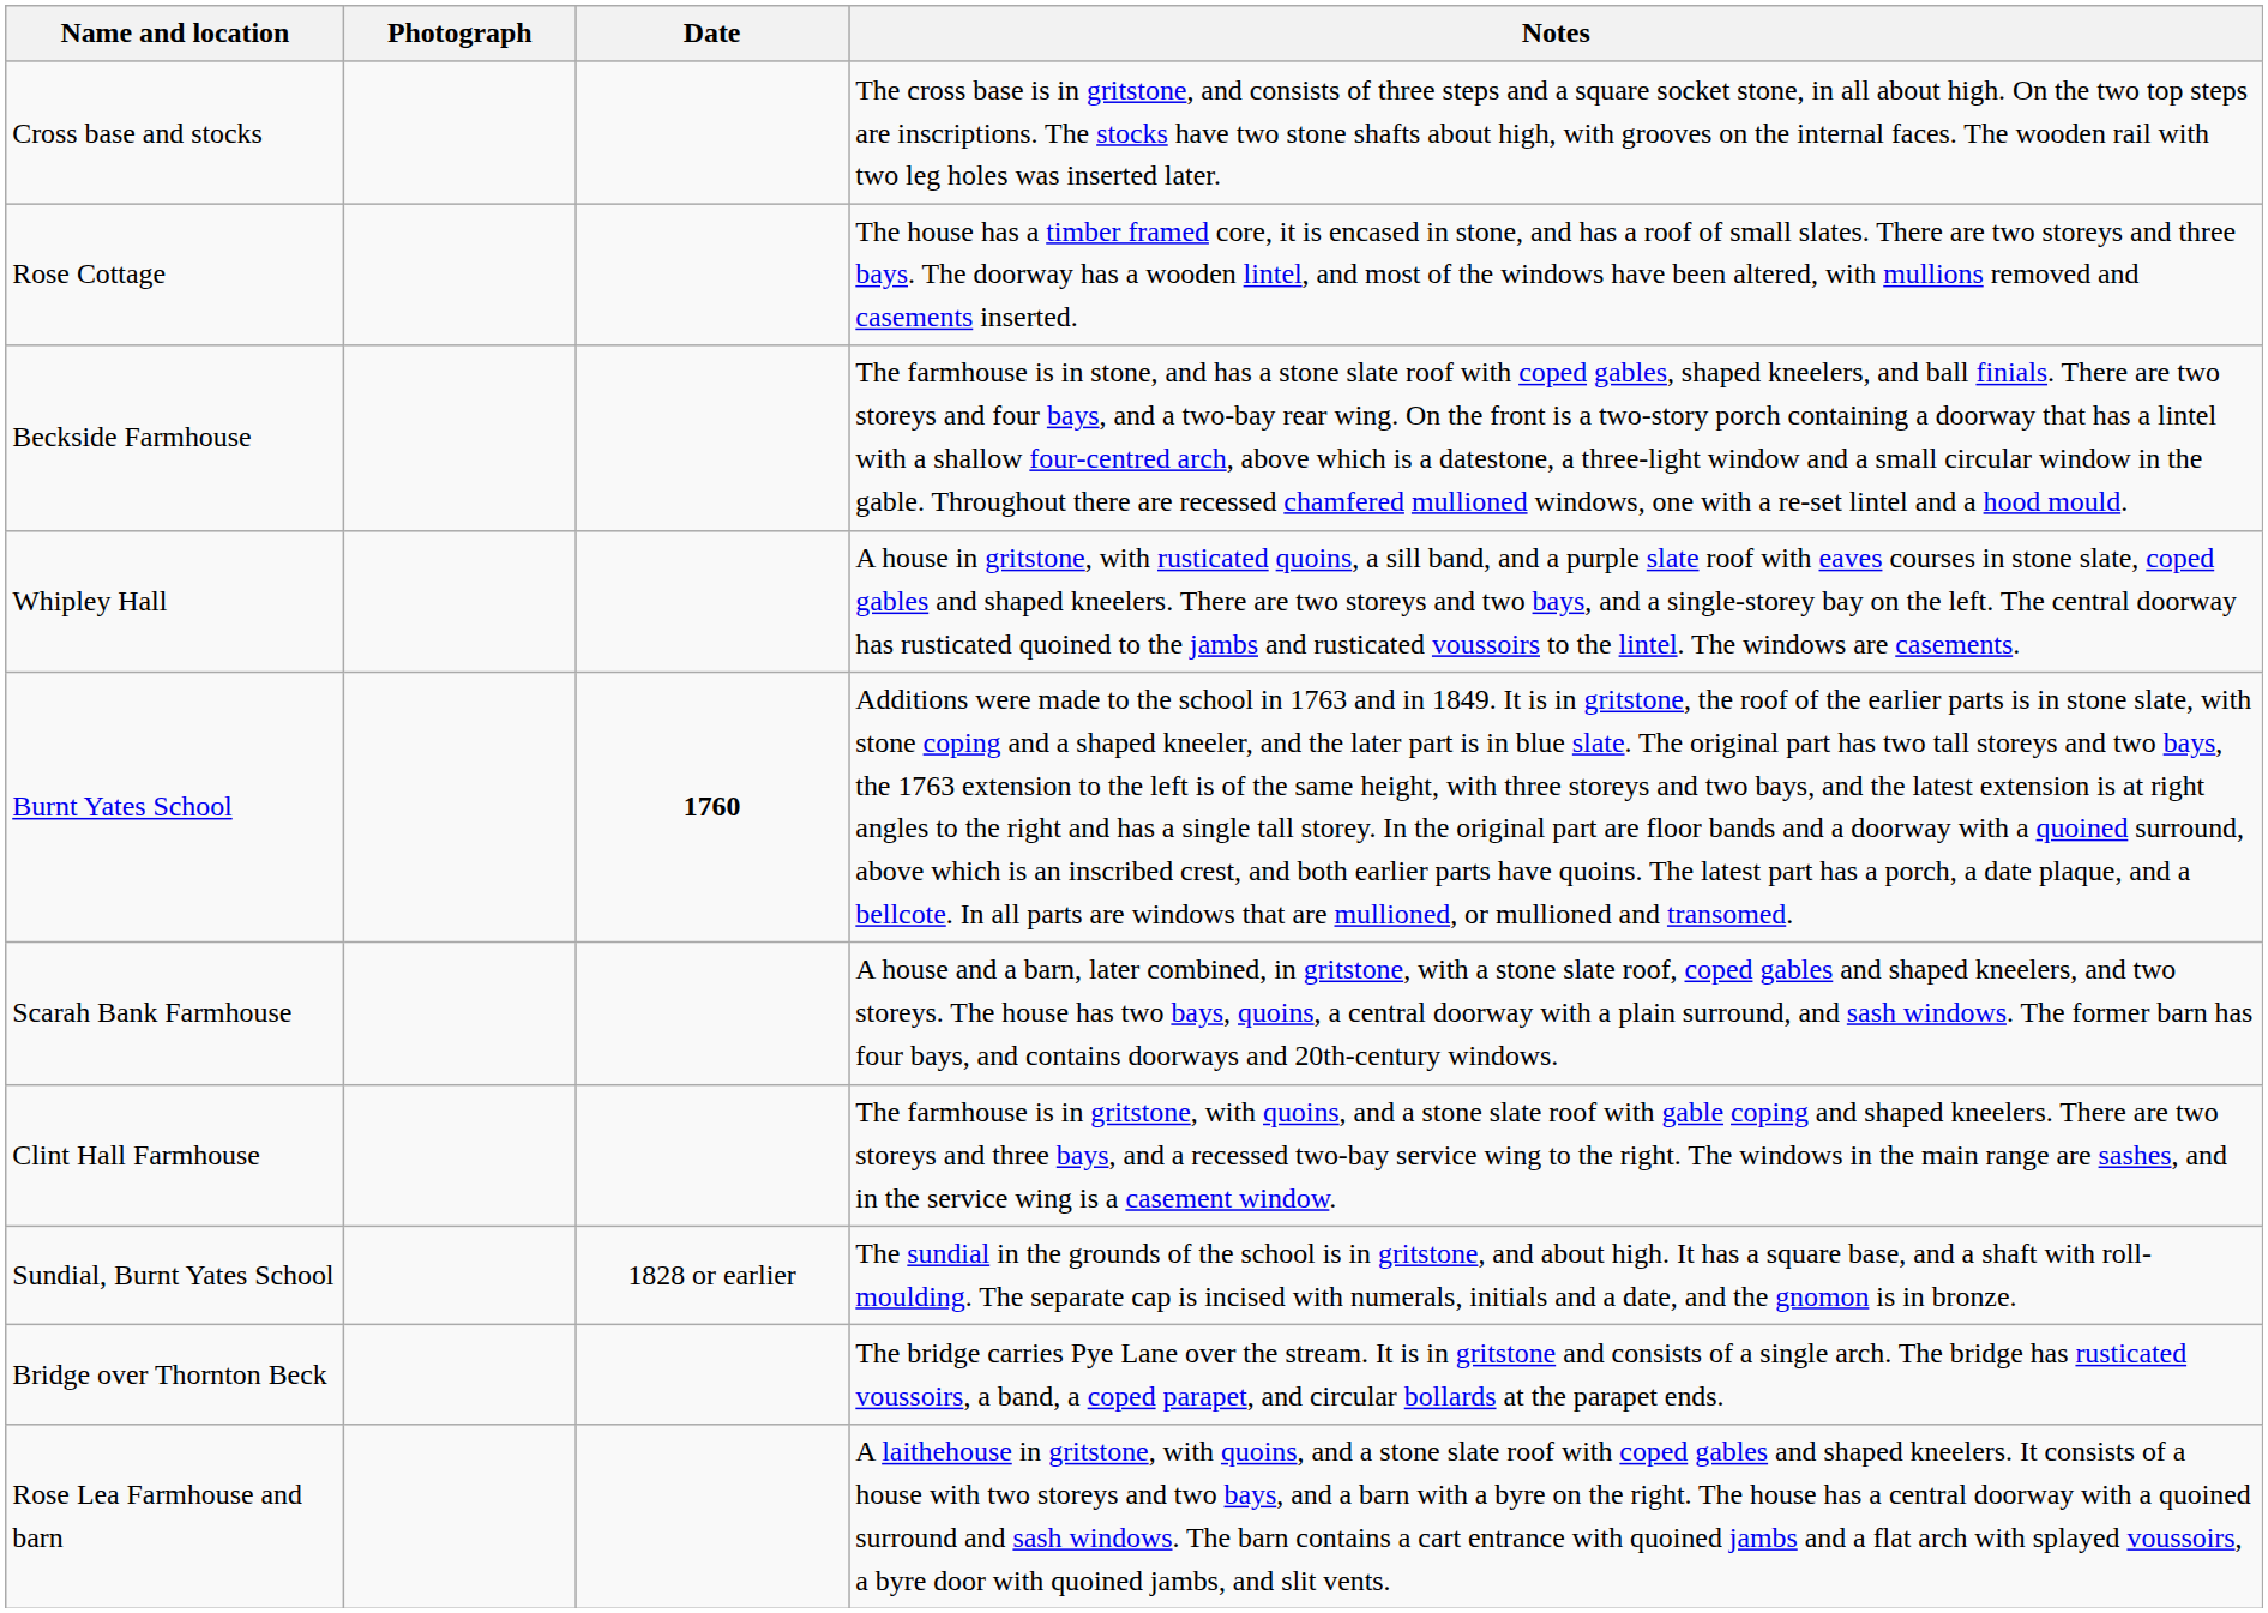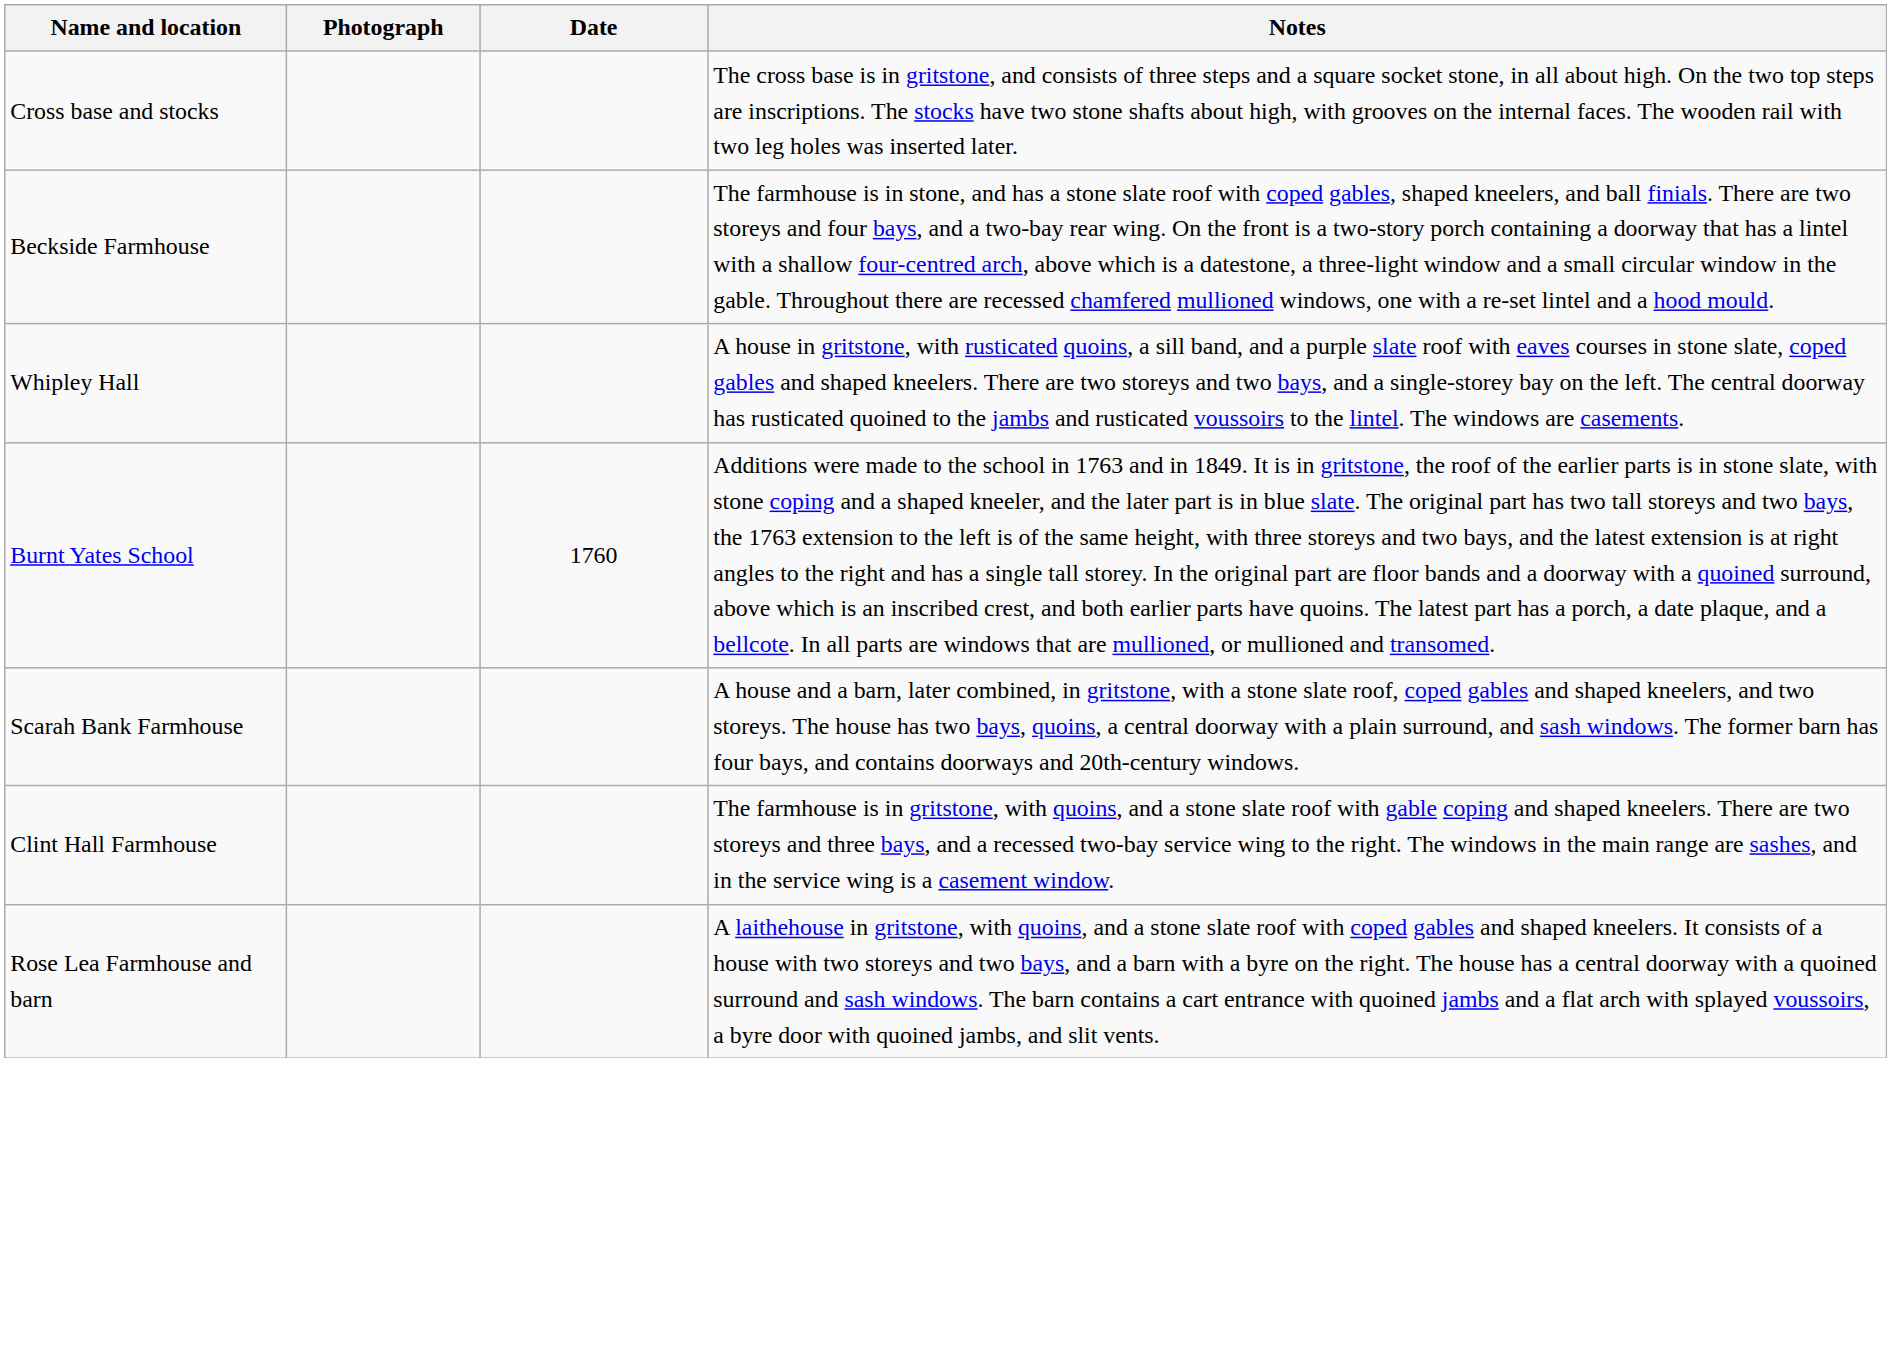 <table class="wikitable sortable plainrowheaders" style="width:100%;border:0px;text-align:left;line-height:150%;">
 <tr>
 <th scope="col"  style="width:150px">Name and location</th>
 <th scope="col"  style="width:100px" class="unsortable">Photograph</th>
 <th scope="col"  style="width:120px">Date</th>
 <th scope="col"  style="width:650px" class="unsortable">Notes</th>
 </tr>
 <tr>
 <td>Cross base and stocks<br><small></small></td>
 <td></td>
 <td align="center"></td>
 <td>The cross base is in <a href='#'>gritstone</a>, and consists of three steps and a square socket stone, in all about  high.  On the two top steps are inscriptions.  The <a href='#'>stocks</a> have two stone shafts about  high, with grooves on the internal faces.  The wooden rail with two leg holes was inserted later.</td>
-</tr>
-<tr>
-<td>Rose Cottage<br><small></small></td>
-<td></td>
-<td align="center"></td>
-<td>The house has a <a href='#'>timber framed</a> core, it is encased in stone, and has a roof of small slates.  There are two storeys and three <a href='#'>bays</a>.  The doorway has a wooden <a href='#'>lintel</a>, and most of the windows have been altered, with <a href='#'>mullions</a> removed and <a href='#'>casements</a> inserted.</td>
 </tr>
 <tr>
 <td>Beckside Farmhouse<br><small></small></td>
 <td></td>
 <td align="center"></td>
 <td>The farmhouse is in stone, and has a stone slate roof with <a href='#'>coped</a> <a href='#'>gables</a>, shaped kneelers, and ball <a href='#'>finials</a>.  There are two storeys and four <a href='#'>bays</a>, and a two-bay rear wing.  On the front is a two-story porch containing a doorway that has a lintel with a shallow <a href='#'>four-centred arch</a>, above which is a datestone, a three-light window and a small circular window in the gable.  Throughout there are recessed <a href='#'>chamfered</a> <a href='#'>mullioned</a> windows, one with a re-set lintel and a <a href='#'>hood mould</a>.</td>
 </tr>
 <tr>
 <td>Whipley Hall<br><small></small></td>
 <td></td>
 <td align="center"></td>
 <td>A house in <a href='#'>gritstone</a>, with <a href='#'>rusticated</a> <a href='#'>quoins</a>, a sill band, and a purple <a href='#'>slate</a> roof with <a href='#'>eaves</a> courses in stone slate, <a href='#'>coped</a> <a href='#'>gables</a> and shaped kneelers.  There are two storeys and two <a href='#'>bays</a>, and a single-storey bay on the left.  The central doorway has rusticated quoined to the <a href='#'>jambs</a> and rusticated <a href='#'>voussoirs</a> to the <a href='#'>lintel</a>.  The windows are <a href='#'>casements</a>.</td>
 </tr>
 <tr>
 <td><a href='#'>Burnt Yates School</a><br><small></small></td>
 <td></td>
-<td align="center"><strong>1760</strong></td>
+<td align="center">1760</td>
 <td>Additions were made to the school in 1763 and in 1849. It is in <a href='#'>gritstone</a>, the roof of the earlier parts is in stone slate, with stone <a href='#'>coping</a> and a shaped kneeler, and the later part is in blue <a href='#'>slate</a>.  The original part has two tall storeys and two <a href='#'>bays</a>, the 1763 extension to the left is of the same height, with three storeys and two bays, and the latest extension is at right angles to the right and has a single tall storey.  In the original part are floor bands and a doorway with a <a href='#'>quoined</a> surround, above which is an inscribed crest, and both earlier parts have quoins.  The latest part has a porch, a date plaque, and a <a href='#'>bellcote</a>.  In all parts are windows that are <a href='#'>mullioned</a>, or mullioned and <a href='#'>transomed</a>.</td>
 </tr>
 <tr>
 <td>Scarah Bank Farmhouse<br><small></small></td>
 <td></td>
 <td align="center"></td>
 <td>A house and a barn, later combined, in <a href='#'>gritstone</a>, with a stone slate roof, <a href='#'>coped</a> <a href='#'>gables</a> and shaped kneelers, and two storeys.  The house has two <a href='#'>bays</a>, <a href='#'>quoins</a>, a central doorway with a plain surround, and <a href='#'>sash windows</a>.  The former barn has four bays, and contains doorways and 20th-century windows.</td>
 </tr>
 <tr>
 <td>Clint Hall Farmhouse<br><small></small></td>
 <td></td>
 <td align="center"></td>
 <td>The farmhouse is in <a href='#'>gritstone</a>, with <a href='#'>quoins</a>, and a stone slate roof with <a href='#'>gable</a> <a href='#'>coping</a> and shaped kneelers.  There are two storeys and three <a href='#'>bays</a>, and a recessed two-bay service wing to the right.  The windows in the main range are <a href='#'>sashes</a>, and in the service wing is a <a href='#'>casement window</a>.</td>
 </tr>
 <tr>
-<td>Sundial, Burnt Yates School<br><small></small></td>
-<td></td>
-<td align="center">1828 or earlier</td>
-<td>The <a href='#'>sundial</a> in the grounds of the school is in <a href='#'>gritstone</a>, and about  high.  It has a square base, and a shaft with roll-<a href='#'>moulding</a>.  The separate cap is incised with numerals, initials and a date, and the <a href='#'>gnomon</a> is in bronze.</td>
-</tr>
-<tr>
-<td>Bridge over Thornton Beck<br><small></small></td>
-<td></td>
-<td align="center"></td>
-<td>The bridge carries Pye Lane over the stream.  It is in <a href='#'>gritstone</a> and consists of a single arch.  The bridge has <a href='#'>rusticated</a> <a href='#'>voussoirs</a>, a band, a <a href='#'>coped</a> <a href='#'>parapet</a>, and circular <a href='#'>bollards</a> at the parapet ends.</td>
-</tr>
-<tr>
 <td>Rose Lea Farmhouse and barn<br><small></small></td>
 <td></td>
 <td align="center"></td>
 <td>A <a href='#'>laithehouse</a> in <a href='#'>gritstone</a>, with <a href='#'>quoins</a>, and a stone slate roof with <a href='#'>coped</a> <a href='#'>gables</a> and shaped kneelers.  It consists of a house with two storeys and two <a href='#'>bays</a>, and a barn with a byre on the right.  The house has a central doorway with a quoined surround and <a href='#'>sash windows</a>.  The barn contains a cart entrance with quoined <a href='#'>jambs</a> and a flat arch with splayed <a href='#'>voussoirs</a>, a byre door with quoined jambs, and slit vents.</td>
 </tr>
 <tr>
 </tr>
 </table>
